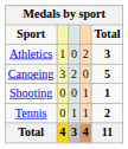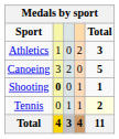 <table class=wikitable style="font-size:85%; float:right;text-align:center">
 <tr bgcolor=EFEFEF>
 <th colspan=7>Medals by sport</th>
 </tr>
 <tr>
 <td><strong>Sport</strong></td>
 <td bgcolor=F7F6A8></td>
 <td bgcolor=DCE5E5></td>
 <td bgcolor=FFDBA9></td>
 <td><strong>Total</strong></td>
 </tr>
 <tr>
 <td><a href='#'>Athletics</a></td>
 <td bgcolor=F7F6A8>1</td>
 <td bgcolor=DCE5E5>0</td>
 <td bgcolor=FFDAB9>2</td>
 <td><strong>3</strong></td>
 </tr>
 <tr>
 <td><a href='#'>Canoeing</a></td>
 <td bgcolor=F7F6A8>3</td>
 <td bgcolor=DCE5E5>2</td>
 <td bgcolor=FFDAB9>0</td>
 <td><strong>5</strong></td>
 </tr>
 <tr>
 <td><a href='#'>Shooting</a></td>
-<td bgcolor=F7F6A8>0</td>
+<td bgcolor=F7F6A8><strong>0</strong></td>
 <td bgcolor=DCE5E5>0</td>
 <td bgcolor=FFDAB9>1</td>
 <td><strong>1</strong></td>
 </tr>
 <tr>
 <td><a href='#'>Tennis</a></td>
 <td bgcolor=F7F6A8>0</td>
 <td bgcolor=DCE5E5>1</td>
 <td bgcolor=FFDAB9>1</td>
-<td><strong>2</strong></td>
+<td style="background: lightyellow;"><strong>2</strong></td>
 </tr>
 <tr>
 <th>Total</th>
 <th style=background:gold>4</th>
 <th style=background:silver>3</th>
 <th style=background:#C96>4</th>
 <th>11</th>
 </tr>
 </table>
